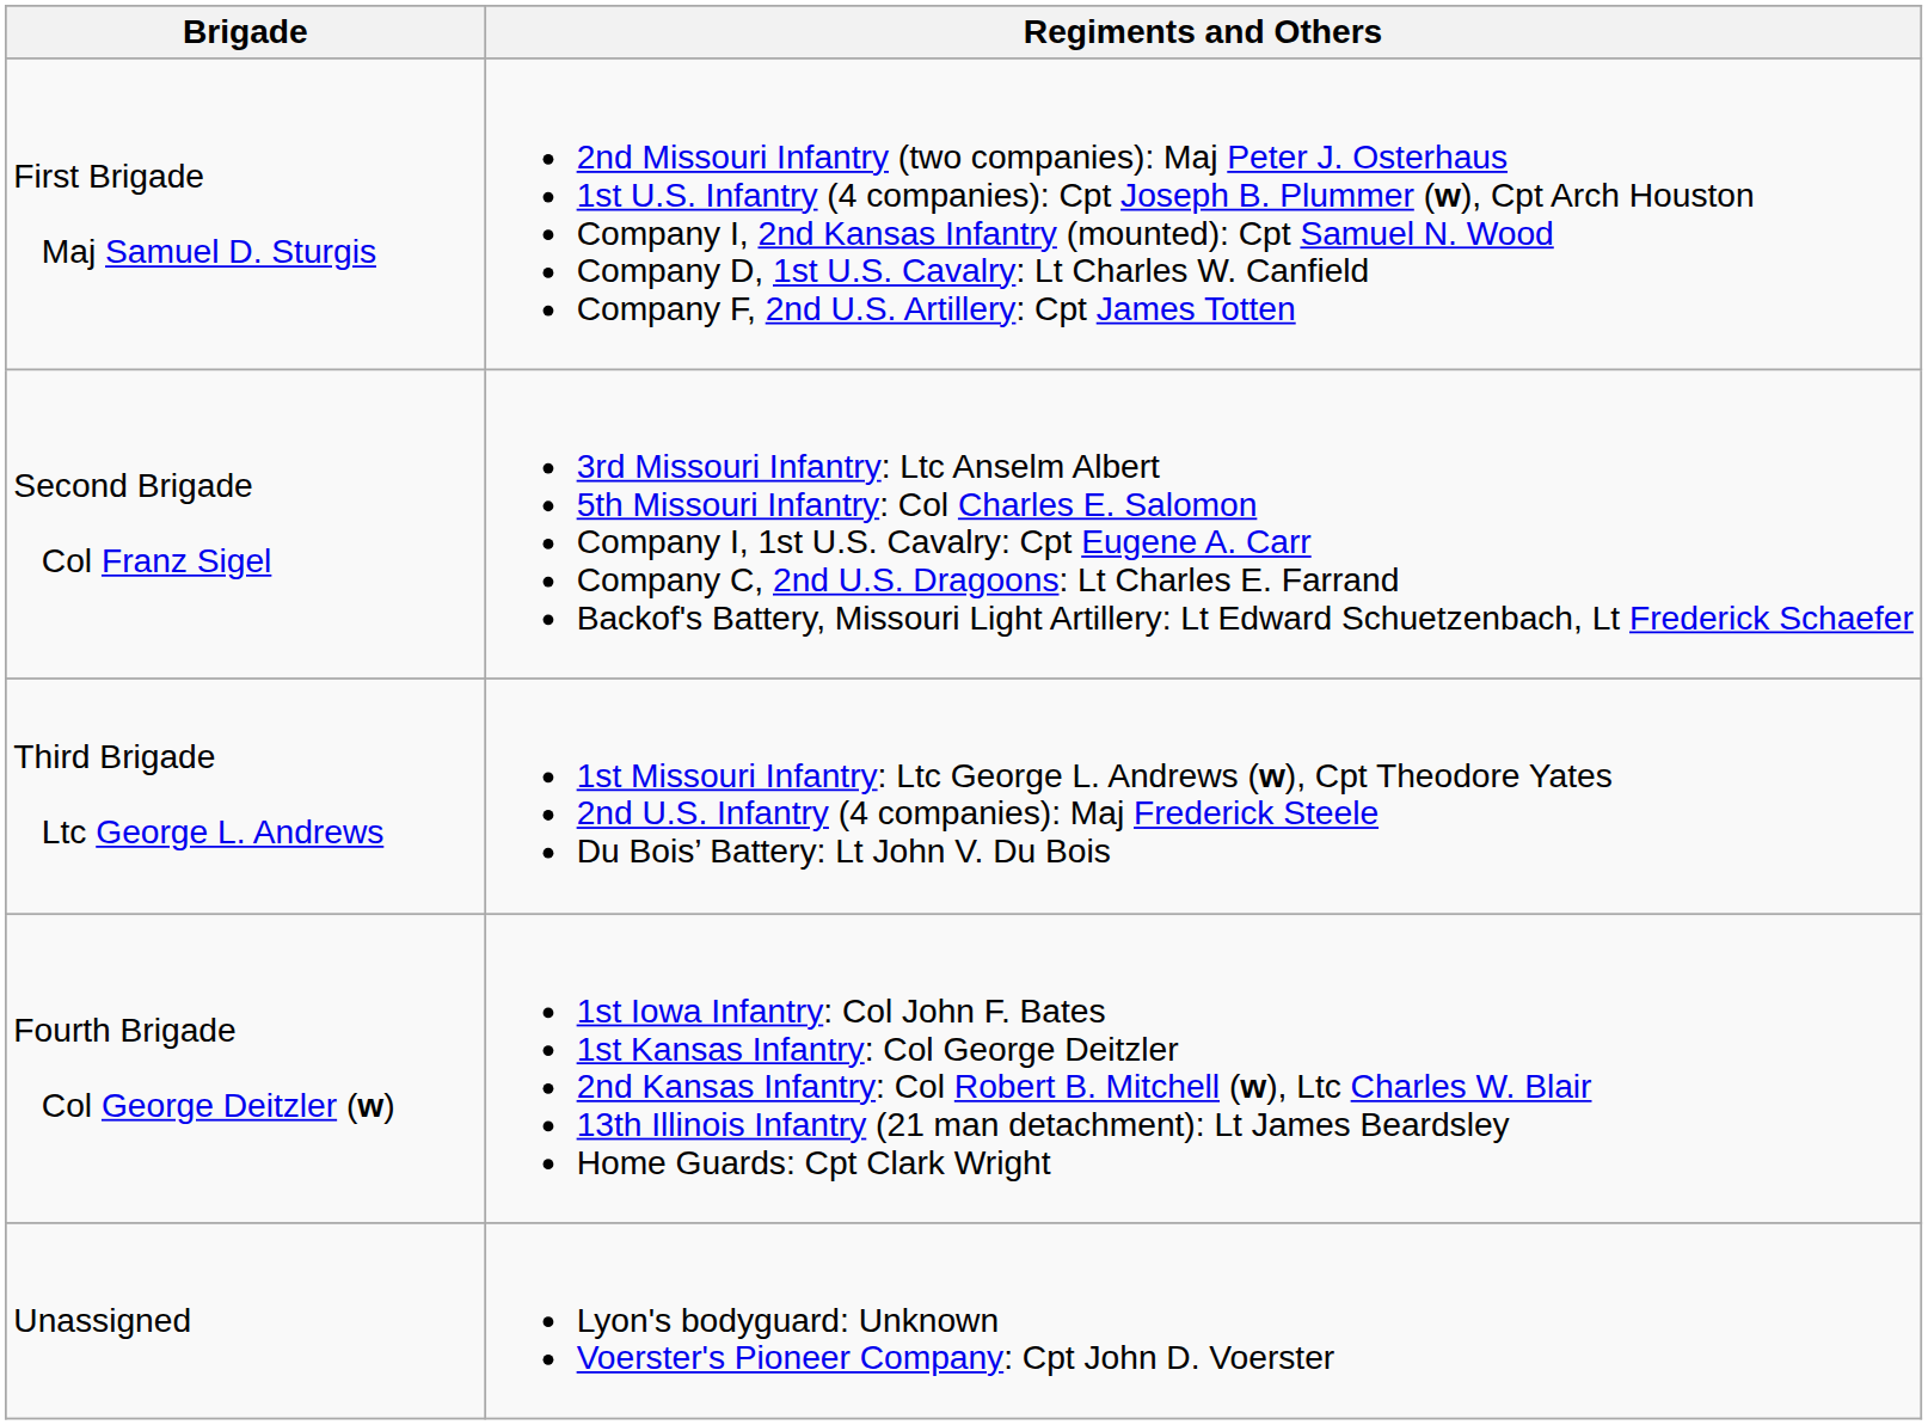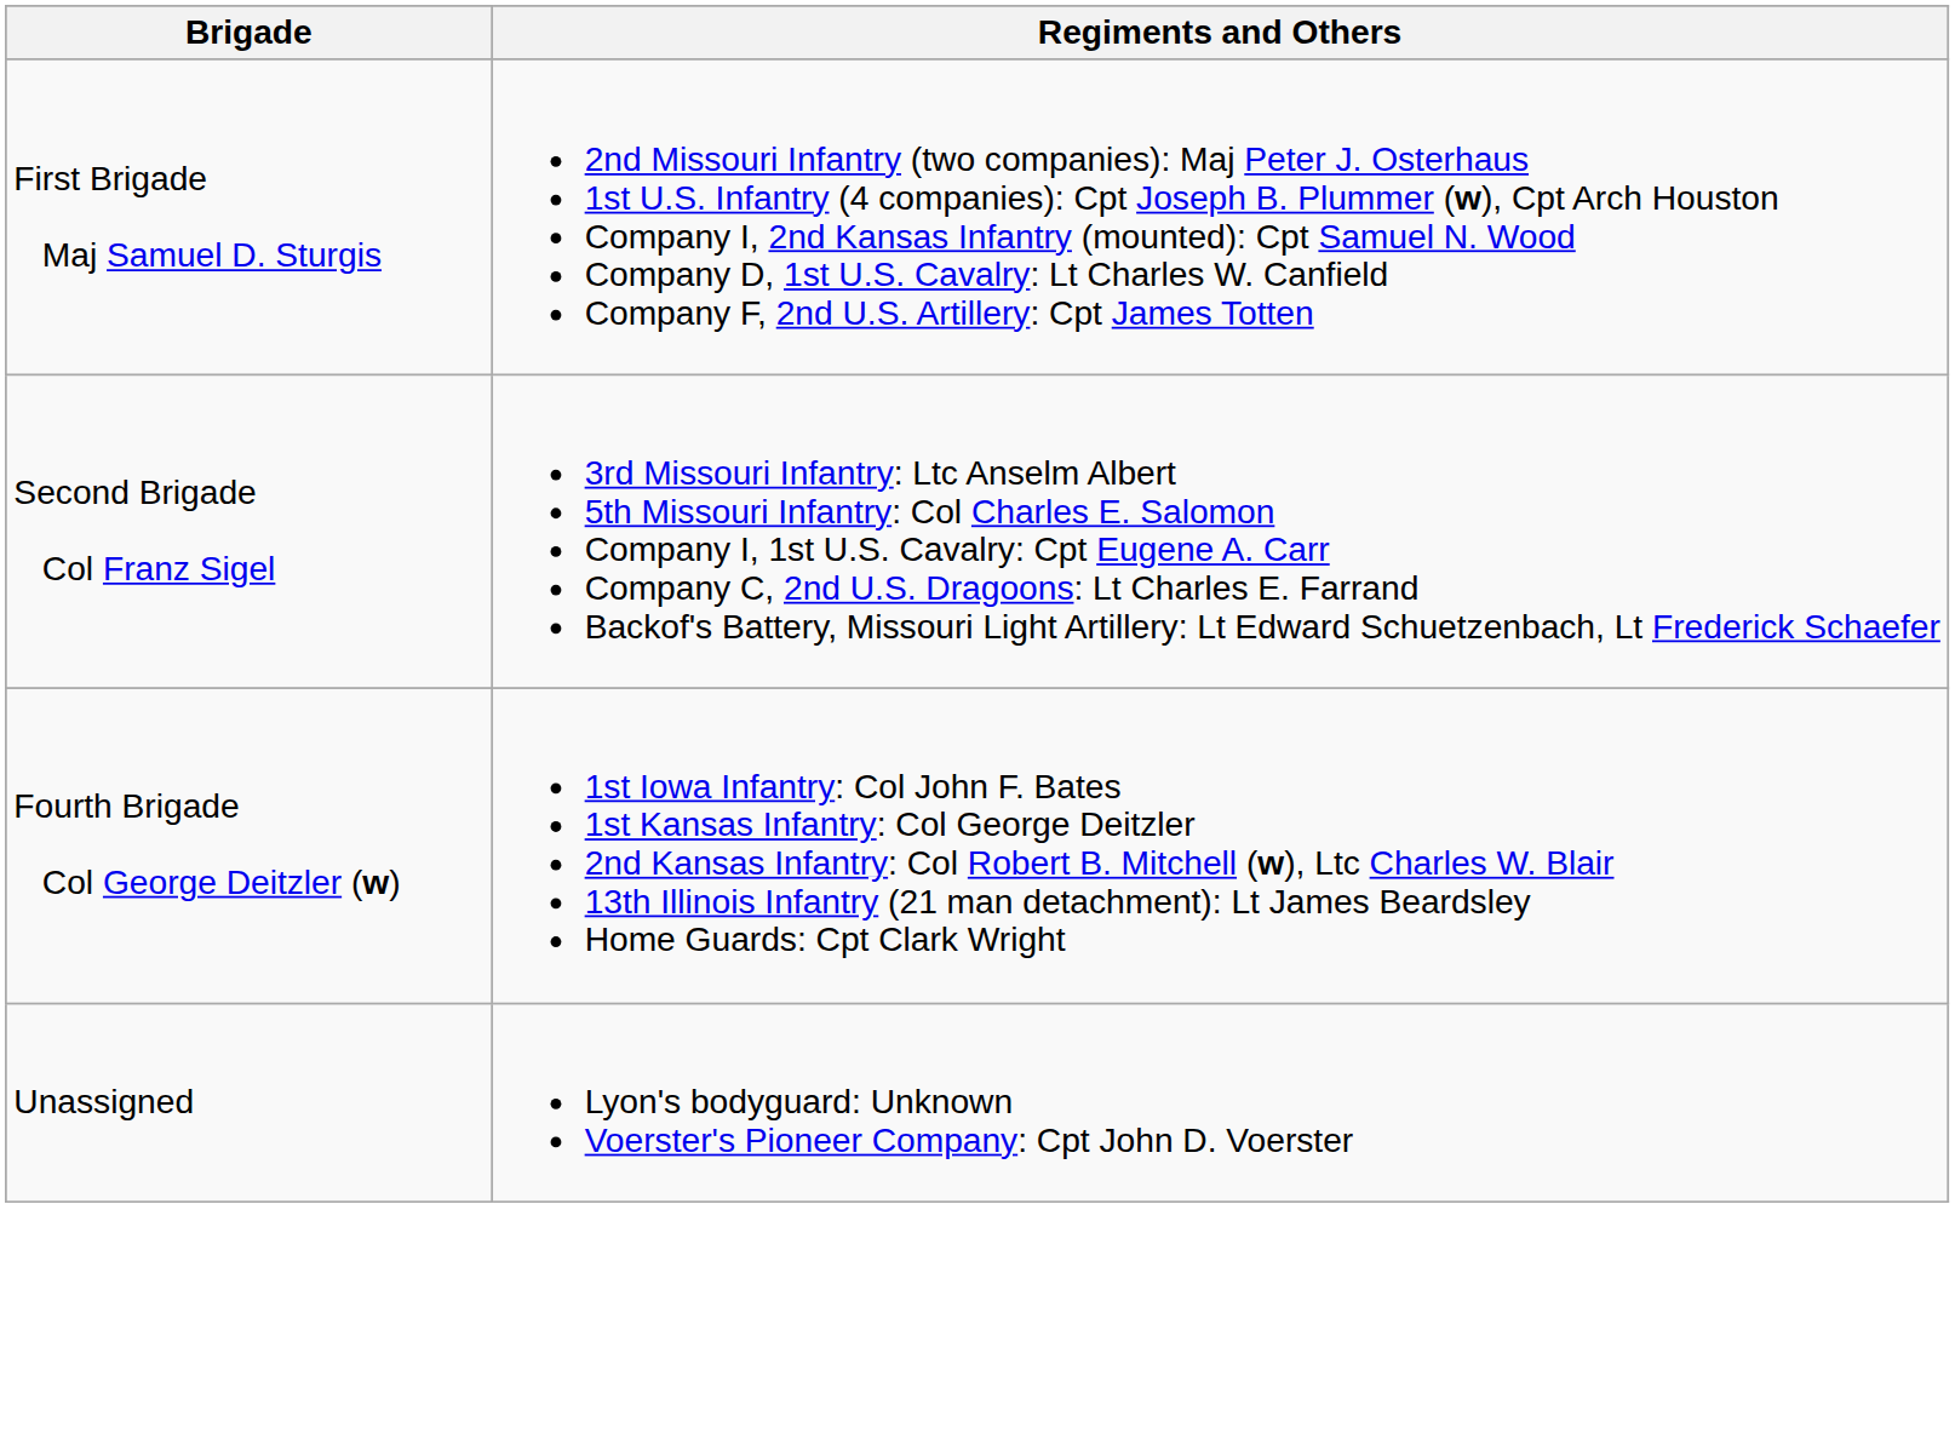 <table class="wikitable">
 <tr>
 <th width=25%>Brigade</th>
 <th>Regiments and Others</th>
 </tr>
 <tr>
 <td>First Brigade<br><br>   Maj <a href='#'>Samuel D. Sturgis</a></td>
 <td><br><ul><li><a href='#'>2nd Missouri Infantry</a> (two companies): Maj <a href='#'>Peter J. Osterhaus</a></li><li><a href='#'>1st U.S. Infantry</a> (4 companies): Cpt <a href='#'>Joseph B. Plummer</a> (<strong>w</strong>), Cpt Arch Houston</li><li>Company I, <a href='#'>2nd Kansas Infantry</a> (mounted): Cpt <a href='#'>Samuel N. Wood</a></li><li>Company D, <a href='#'>1st U.S. Cavalry</a>: Lt Charles W. Canfield</li><li>Company F, <a href='#'>2nd U.S. Artillery</a>: Cpt <a href='#'>James Totten</a></li></ul></td>
 </tr>
 <tr>
 <td>Second Brigade<br><br>   Col <a href='#'>Franz Sigel</a></td>
 <td><br><ul><li><a href='#'>3rd Missouri Infantry</a>: Ltc Anselm Albert</li><li><a href='#'>5th Missouri Infantry</a>: Col <a href='#'>Charles E. Salomon</a></li><li>Company I, 1st U.S. Cavalry: Cpt <a href='#'>Eugene A. Carr</a></li><li>Company C, <a href='#'>2nd U.S. Dragoons</a>: Lt Charles E. Farrand</li><li>Backof's Battery, Missouri Light Artillery: Lt Edward Schuetzenbach, Lt <a href='#'>Frederick Schaefer</a></li></ul></td>
 </tr>
 <tr>
-<td>Third Brigade<br><br>   Ltc <a href='#'>George L. Andrews</a></td>
-<td><br><ul><li><a href='#'>1st Missouri Infantry</a>: Ltc George L. Andrews (<strong>w</strong>), Cpt Theodore Yates</li><li><a href='#'>2nd U.S. Infantry</a> (4 companies): Maj <a href='#'>Frederick Steele</a></li><li>Du Bois’ Battery: Lt John V. Du Bois</li></ul></td>
-</tr>
-<tr>
 <td>Fourth Brigade<br><br>   Col <a href='#'>George Deitzler</a> (<strong>w</strong>)</td>
 <td><br><ul><li><a href='#'>1st Iowa Infantry</a>: Col John F. Bates</li><li><a href='#'>1st Kansas Infantry</a>: Col George Deitzler</li><li><a href='#'>2nd Kansas Infantry</a>: Col <a href='#'>Robert B. Mitchell</a> (<strong>w</strong>), Ltc <a href='#'>Charles W. Blair</a></li><li><a href='#'>13th Illinois Infantry</a> (21 man detachment): Lt James Beardsley</li><li>Home Guards: Cpt Clark Wright</li></ul></td>
 </tr>
 <tr>
 <td>Unassigned</td>
 <td><br><ul><li>Lyon's bodyguard: Unknown</li><li><a href='#'>Voerster's Pioneer Company</a>: Cpt John D. Voerster</li></ul></td>
 </tr>
 </table>
